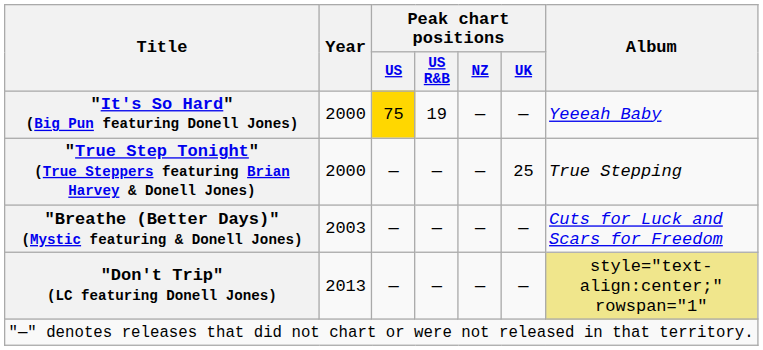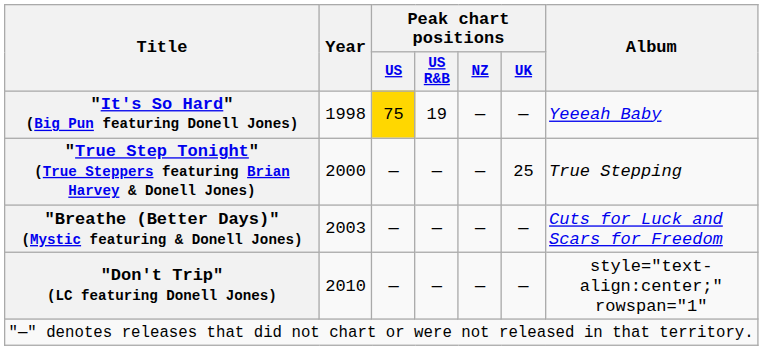 <table class="wikitable plainrowheaders" style="text-align:center;">
 <tr>
 <th scope="col" rowspan="2" style="width:18em;">Title</th>
 <th scope="col" rowspan="2">Year</th>
 <th scope="col" colspan="4">Peak chart positions</th>
 <th scope="col" rowspan="2" style="width:12em;">Album</th>
 </tr>
 <tr>
 <th scope="col" style="width:2.5em;font-size:85%;"><a href='#'>US</a><br></th>
 <th scope="col" style="width:2.5em;font-size:85%;"><a href='#'>US R&B</a><br></th>
 <th scope="col" style="width:2.5em;font-size:85%;"><a href='#'>NZ</a><br></th>
 <th scope="col" style="width:2.5em;font-size:85%;"><a href='#'>UK</a><br></th>
 </tr>
 <tr>
 <th scope="row">"<a href='#'>It's So Hard</a>" <br> <small>(<a href='#'>Big Pun</a> featuring Donell Jones)</small></th>
-<td style="text-align:center;" rowspan="1">2000</td>
+<td style="text-align:center;" rowspan="1">1998</td>
 <td style="background: gold; text-align:center;">75</td>
 <td style="text-align:center;">19</td>
 <td style="text-align:center;">—</td>
 <td style="text-align:center;">—</td>
 <td style="text-align:left;" rowspan="1"><em><a href='#'>Yeeeah Baby</a></em></td>
 </tr>
 <tr>
 <th scope="row">"<a href='#'>True Step Tonight</a>" <br> <small>(<a href='#'>True Steppers</a> featuring <a href='#'>Brian Harvey</a> & Donell Jones)</small></th>
 <td style="text-align:center;" rowspan="1">2000</td>
 <td style="text-align:center;">—</td>
 <td style="text-align:center;">—</td>
 <td style="text-align:center;">—</td>
 <td style="text-align:center;">25</td>
 <td style="text-align:left;" rowspan="1"><em>True Stepping</em></td>
 </tr>
 <tr>
 <th scope="row">"Breathe (Better Days)" <br> <small>(<a href='#'>Mystic</a> featuring & Donell Jones)</small></th>
 <td style="text-align:center;" rowspan="1">2003</td>
 <td style="text-align:center;">—</td>
 <td style="text-align:center;">—</td>
 <td style="text-align:center;">—</td>
 <td style="text-align:center;">—</td>
 <td style="text-align:left;" rowspan="1"><em><a href='#'>Cuts for Luck and Scars for Freedom</a></em></td>
 </tr>
 <tr>
 <th scope="row">"Don't Trip" <br> <small>(LC featuring Donell Jones)</small></th>
-<td style="text-align:center;" rowspan="1">2013</td>
+<td style="text-align:center;" rowspan="1">2010</td>
 <td style="text-align:center;">—</td>
 <td style="text-align:center;">—</td>
 <td style="text-align:center;">—</td>
 <td style="text-align:center;">—</td>
-<td style="background: khaki;">style="text-align:center;" rowspan="1" </td>
+<td>style="text-align:center;" rowspan="1" </td>
 </tr>
 <tr>
 <td colspan="9" style="text-align:center; font-size:9pt;">"—" denotes releases that did not chart or were not released in that territory.</td>
 </tr>
 </table>
